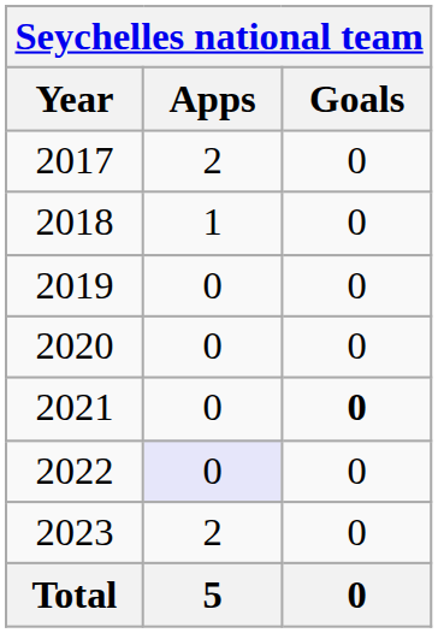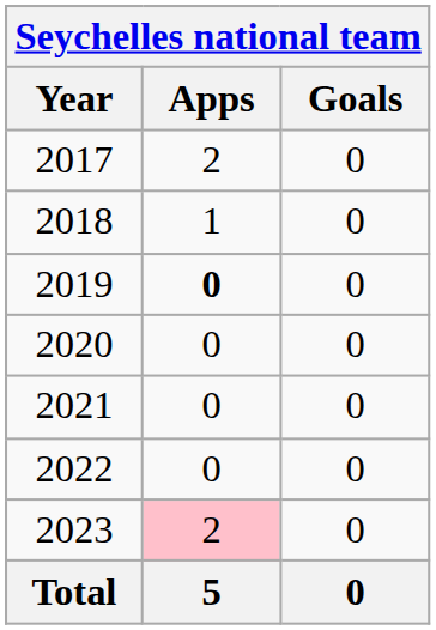 <table class="wikitable" style="text-align:center">
 <tr>
 <th colspan=3><a href='#'>Seychelles national team</a></th>
 </tr>
 <tr>
 <th>Year</th>
 <th>Apps</th>
 <th>Goals</th>
 </tr>
 <tr>
 <td>2017</td>
 <td>2</td>
 <td>0</td>
 </tr>
 <tr>
 <td>2018</td>
 <td>1</td>
 <td>0</td>
 </tr>
 <tr>
 <td>2019</td>
-<td>0</td>
+<td><strong>0</strong></td>
 <td>0</td>
 </tr>
 <tr>
 <td>2020</td>
 <td>0</td>
 <td>0</td>
 </tr>
 <tr>
 <td>2021</td>
 <td>0</td>
-<td><strong>0</strong></td>
+<td>0</td>
 </tr>
 <tr>
 <td>2022</td>
-<td style="background: lavender;">0</td>
+<td>0</td>
 <td>0</td>
 </tr>
 <tr>
 <td>2023</td>
-<td>2</td>
+<td style="background: pink;">2</td>
 <td>0</td>
 </tr>
 <tr>
 <th>Total</th>
 <th>5</th>
 <th>0</th>
 </tr>
 </table>
